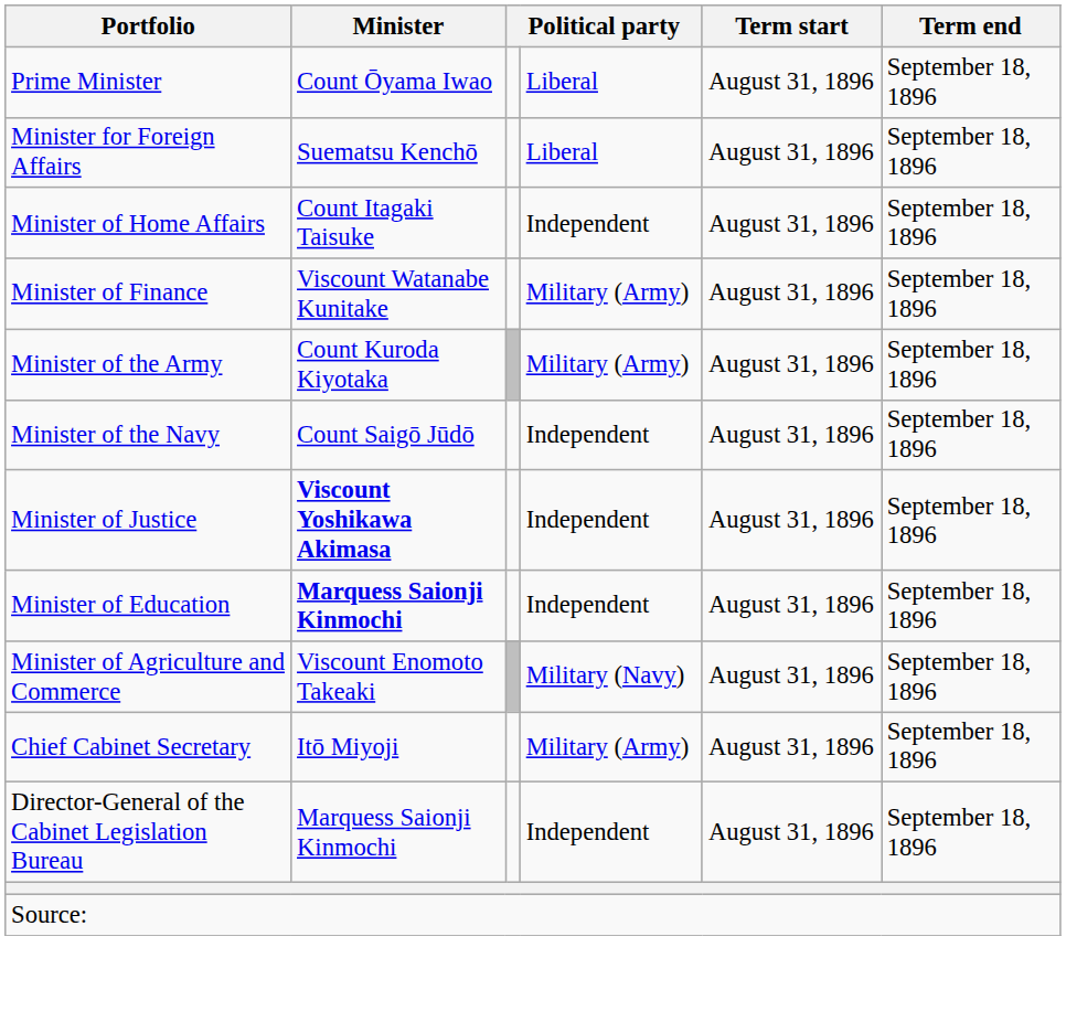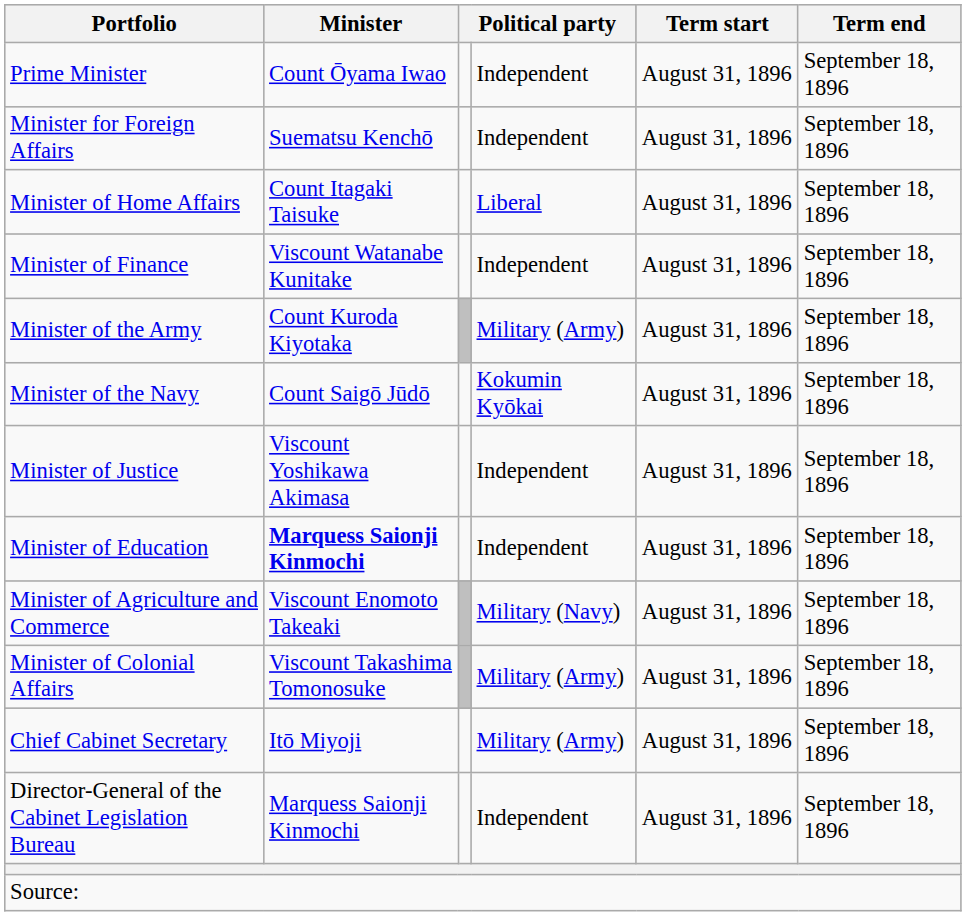 <table class="wikitable unsortable" style="font-size: 90%;">
 <tr>
 <th width="20%" scope="col">Portfolio</th>
 <th width="15%" scope="col">Minister</th>
 <th colspan="2" width="13.5%" scope="col">Political party</th>
 <th width="12.5%" scope="col">Term start</th>
 <th width="12.5%" scope="col">Term end</th>
 </tr>
 <tr>
 <td style="text-align: left;"><a href='#'>Prime Minister</a></td>
 <td><a href='#'>Count Ōyama Iwao</a></td>
 <td style="color:inherit;background:"></td>
-<td><a href='#'>Liberal</a></td>
+<td>Independent</td>
 <td>August 31, 1896</td>
 <td>September 18, 1896</td>
 </tr>
 <tr>
 <td><a href='#'>Minister for Foreign Affairs</a></td>
 <td><a href='#'>Suematsu Kenchō</a></td>
 <td style="color:inherit;background:"></td>
-<td><a href='#'>Liberal</a></td>
+<td>Independent</td>
 <td>August 31, 1896</td>
 <td>September 18, 1896</td>
 </tr>
 <tr>
 <td><a href='#'>Minister of Home Affairs</a></td>
 <td><a href='#'>Count Itagaki Taisuke</a></td>
 <td style="color:inherit;background:"></td>
-<td>Independent</td>
+<td><a href='#'>Liberal</a></td>
 <td>August 31, 1896</td>
 <td>September 18, 1896</td>
 </tr>
 <tr>
 <td><a href='#'>Minister of Finance</a></td>
 <td><a href='#'>Viscount Watanabe Kunitake</a></td>
 <td style="color:inherit;background:"></td>
-<td><a href='#'>Military</a> (<a href='#'>Army</a>)</td>
+<td>Independent</td>
 <td>August 31, 1896</td>
 <td>September 18, 1896</td>
 </tr>
 <tr>
 <td><a href='#'>Minister of the Army</a></td>
 <td><a href='#'>Count Kuroda Kiyotaka</a></td>
 <td style="color:inherit;background:#bfbfbf"></td>
 <td><a href='#'>Military</a> (<a href='#'>Army</a>)</td>
 <td>August 31, 1896</td>
 <td>September 18, 1896</td>
 </tr>
 <tr>
 <td><a href='#'>Minister of the Navy</a></td>
 <td><a href='#'>Count Saigō Jūdō</a></td>
 <td style="color:inherit;background:"></td>
-<td>Independent</td>
+<td><a href='#'>Kokumin Kyōkai</a></td>
 <td>August 31, 1896</td>
 <td>September 18, 1896</td>
 </tr>
 <tr>
 <td><a href='#'>Minister of Justice</a></td>
-<td><strong><a href='#'>Viscount Yoshikawa Akimasa</a></strong></td>
+<td><a href='#'>Viscount Yoshikawa Akimasa</a></td>
 <td style="color:inherit;background:"></td>
 <td>Independent</td>
 <td>August 31, 1896</td>
 <td>September 18, 1896</td>
 </tr>
 <tr>
 <td><a href='#'>Minister of Education</a></td>
 <td><strong><a href='#'>Marquess Saionji Kinmochi</a></strong></td>
 <td style="color:inherit;background:"></td>
 <td>Independent</td>
 <td>August 31, 1896</td>
 <td>September 18, 1896</td>
 </tr>
 <tr>
 <td><a href='#'>Minister of Agriculture and Commerce</a></td>
 <td><a href='#'>Viscount Enomoto Takeaki</a></td>
 <td style="color:inherit;background:#bfbfbf"></td>
 <td><a href='#'>Military</a> (<a href='#'>Navy</a>)</td>
+<td>August 31, 1896</td>
+<td>September 18, 1896</td>
+</tr>
+<tr>
+<td><a href='#'>Minister of Colonial Affairs</a></td>
+<td><a href='#'>Viscount Takashima Tomonosuke</a></td>
+<td style="color:inherit;background:#bfbfbf"></td>
+<td><a href='#'>Military</a> (<a href='#'>Army</a>)</td>
 <td>August 31, 1896</td>
 <td>September 18, 1896</td>
 </tr>
 <tr>
 <td><a href='#'>Chief Cabinet Secretary</a></td>
 <td><a href='#'>Itō Miyoji</a></td>
 <td style="color:inherit;background:"></td>
 <td><a href='#'>Military</a> (<a href='#'>Army</a>)</td>
 <td>August 31, 1896</td>
 <td>September 18, 1896</td>
 </tr>
 <tr>
 <td>Director-General of the <a href='#'>Cabinet Legislation Bureau</a></td>
 <td><a href='#'>Marquess Saionji Kinmochi</a></td>
 <td style="color:inherit;background:"></td>
 <td>Independent</td>
 <td>August 31, 1896</td>
 <td>September 18, 1896</td>
 </tr>
 <tr>
 <th colspan="6"></th>
 </tr>
 <tr>
 <td colspan="6">Source:</td>
 </tr>
 </table>
